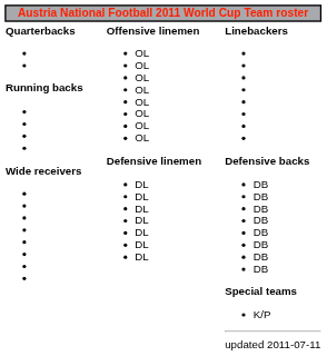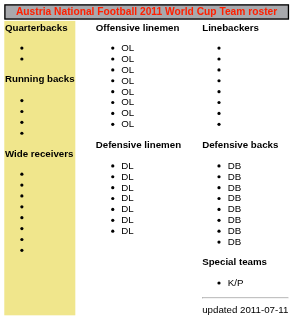 <table class="toccolours" style="text-align: left;">
 <tr>
 <th colspan="7" style="background-color: #A8A9AD; border:2px solid #000000;color:#FF2000;text-align:center;">Austria National Football 2011 World Cup Team roster</th>
 </tr>
 <tr>
-<td style="font-size: 95%;vertical-align:top;"><strong>Quarterbacks</strong><br><ul><li></li><li></li></ul><strong>Running backs</strong><ul><li></li><li></li><li></li><li></li></ul><strong>Wide receivers</strong><ul><li></li><li></li><li></li><li></li><li></li><li></li><li></li><li></li></ul></td>
+<td style="background: khaki; font-size: 95%;vertical-align:top;"><strong>Quarterbacks</strong><br><ul><li></li><li></li></ul><strong>Running backs</strong><ul><li></li><li></li><li></li><li></li></ul><strong>Wide receivers</strong><ul><li></li><li></li><li></li><li></li><li></li><li></li><li></li><li></li></ul></td>
 <td style="width: 25px;"></td>
 <td style="font-size: 95%;vertical-align:top;"><strong>Offensive linemen</strong><br><ul><li> OL</li><li> OL</li><li> OL</li><li> OL</li><li> OL</li><li> OL</li><li> OL</li><li> OL</li></ul><strong>Defensive linemen</strong><ul><li> DL</li><li> DL</li><li> DL</li><li> DL</li><li> DL</li><li> DL</li><li> DL</li></ul></td>
 <td style="width: 25px;"></td>
 <td style="font-size: 95%;vertical-align:top;"><strong>Linebackers </strong><br><ul><li></li><li></li><li></li><li></li><li></li><li></li><li></li><li></li></ul><strong>Defensive backs</strong><ul><li> DB</li><li> DB</li><li> DB</li><li> DB</li><li> DB</li><li> DB</li><li> DB</li><li> DB</li></ul><strong>Special teams</strong><ul><li> K/P</li></ul><hr> <span> </span> updated 2011-07-11<br></td>
 </tr>
 <tr>
 </tr>
 </table>
